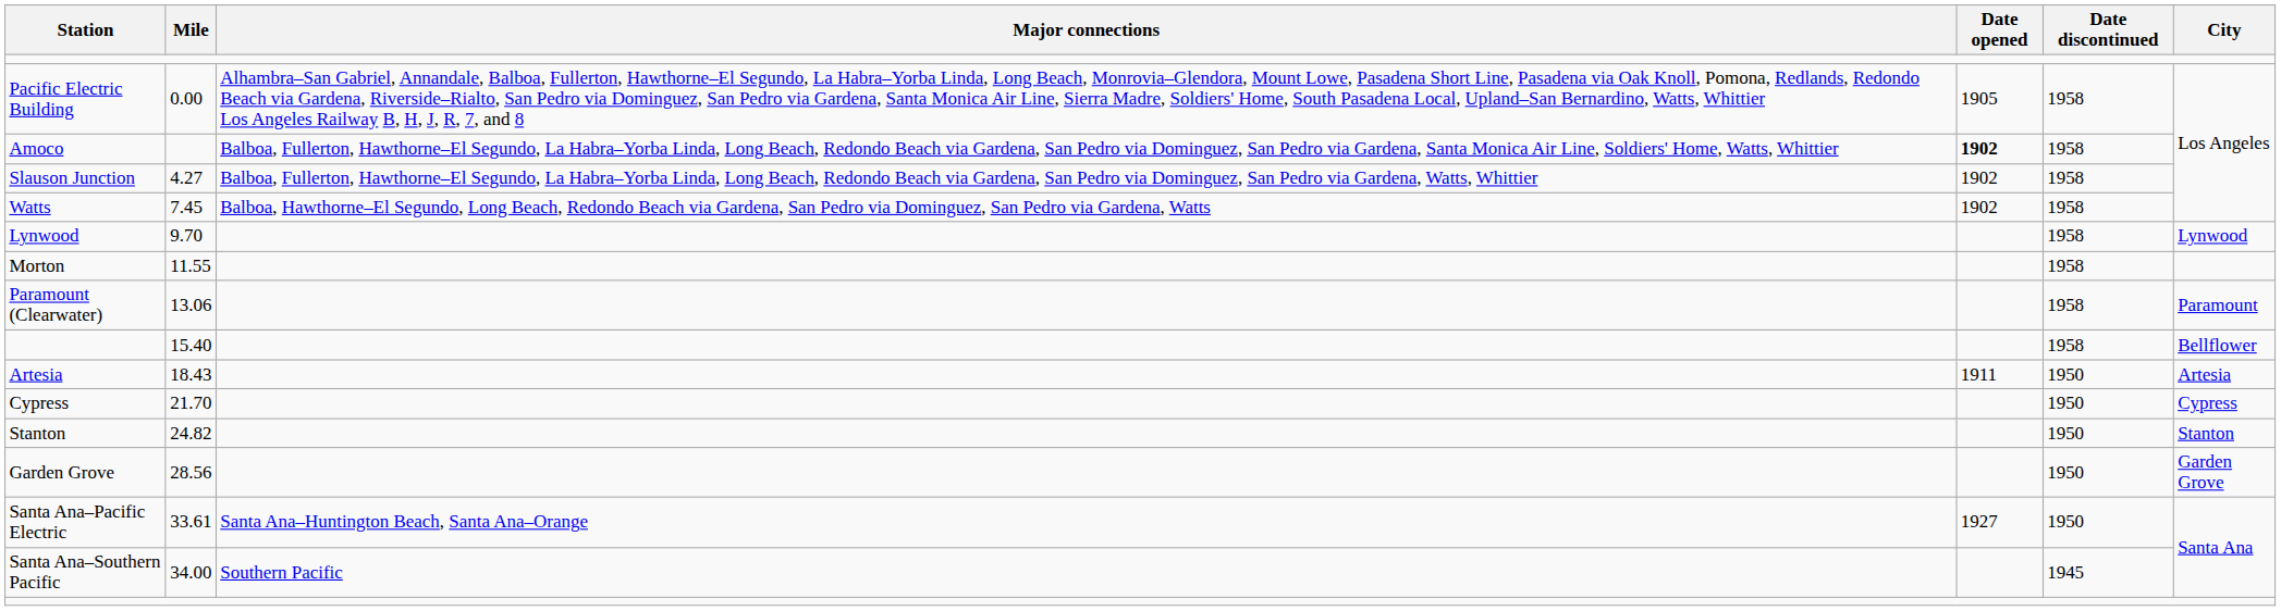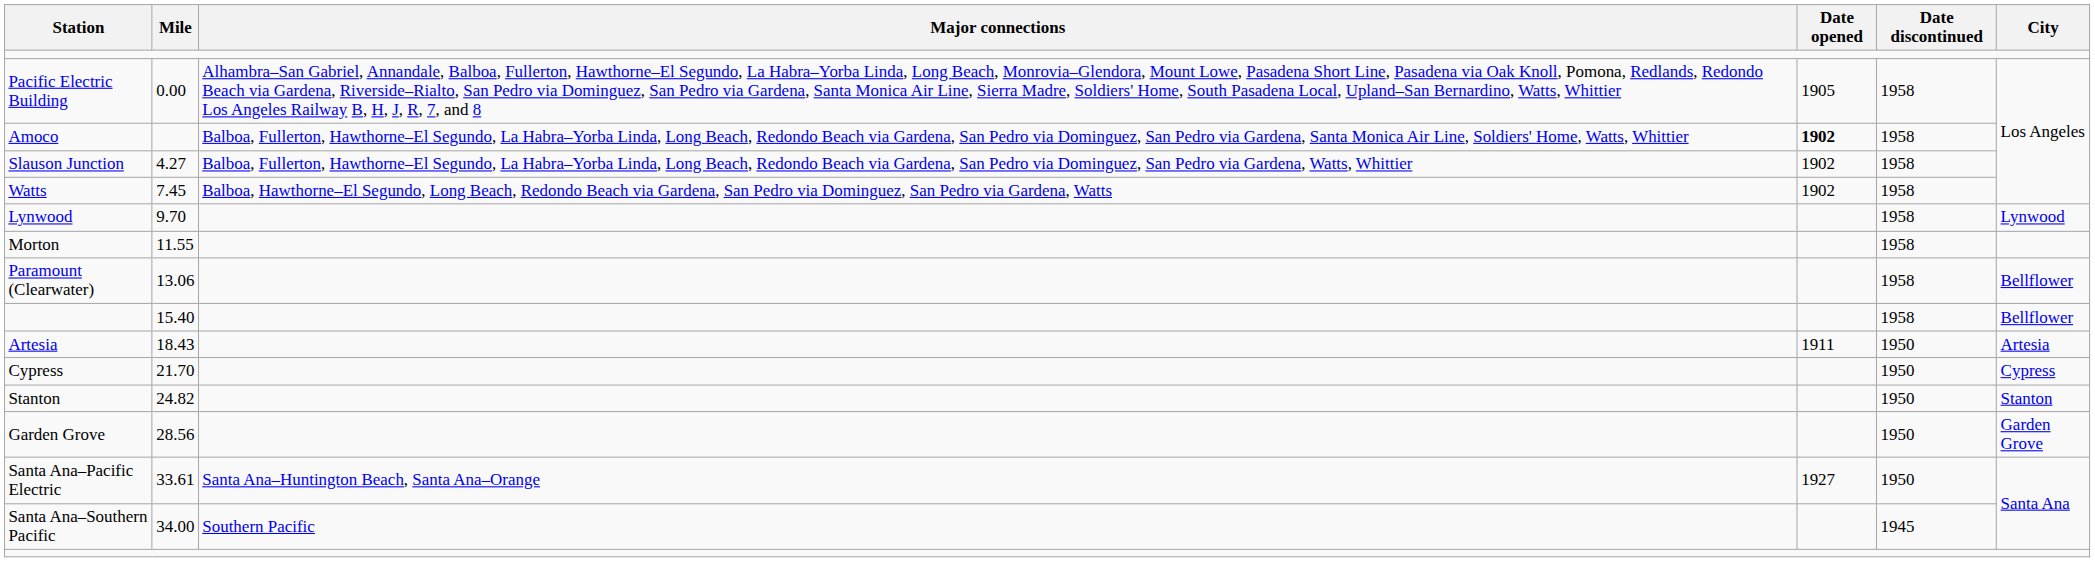 <table class="wikitable">
 <tr>
 <th>Station</th>
 <th>Mile<br></th>
 <th>Major connections</th>
 <th>Date opened</th>
 <th>Date discontinued</th>
 <th>City</th>
 </tr>
 <tr>
 <td colspan = "6"></td>
 </tr>
 <tr>
 <td><a href='#'>Pacific Electric Building</a></td>
 <td>0.00</td>
 <td><a href='#'>Alhambra–San Gabriel</a>, <a href='#'>Annandale</a>, <a href='#'>Balboa</a>, <a href='#'>Fullerton</a>, <a href='#'>Hawthorne–El Segundo</a>, <a href='#'>La Habra–Yorba Linda</a>, <a href='#'>Long Beach</a>, <a href='#'>Monrovia–Glendora</a>, <a href='#'>Mount Lowe</a>, <a href='#'>Pasadena Short Line</a>, <a href='#'>Pasadena via Oak Knoll</a>, Pomona, <a href='#'>Redlands</a>, <a href='#'>Redondo Beach via Gardena</a>, <a href='#'>Riverside–Rialto</a>, <a href='#'>San Pedro via Dominguez</a>, <a href='#'>San Pedro via Gardena</a>, <a href='#'>Santa Monica Air Line</a>, <a href='#'>Sierra Madre</a>, <a href='#'>Soldiers' Home</a>, <a href='#'>South Pasadena Local</a>, <a href='#'>Upland–San Bernardino</a>, <a href='#'>Watts</a>, <a href='#'>Whittier</a><br><a href='#'>Los Angeles Railway</a> <a href='#'>B</a>, <a href='#'>H</a>, <a href='#'>J</a>, <a href='#'>R</a>, <a href='#'>7</a>, and <a href='#'>8</a></td>
 <td>1905</td>
 <td>1958</td>
 <td rowspan=4>Los Angeles</td>
 </tr>
 <tr>
 <td><a href='#'>Amoco</a></td>
 <td></td>
 <td><a href='#'>Balboa</a>, <a href='#'>Fullerton</a>, <a href='#'>Hawthorne–El Segundo</a>, <a href='#'>La Habra–Yorba Linda</a>, <a href='#'>Long Beach</a>, <a href='#'>Redondo Beach via Gardena</a>, <a href='#'>San Pedro via Dominguez</a>, <a href='#'>San Pedro via Gardena</a>, <a href='#'>Santa Monica Air Line</a>, <a href='#'>Soldiers' Home</a>, <a href='#'>Watts</a>, <a href='#'>Whittier</a></td>
 <td><strong>1902</strong></td>
 <td>1958</td>
 </tr>
 <tr>
 <td><a href='#'>Slauson Junction</a></td>
 <td>4.27</td>
 <td><a href='#'>Balboa</a>, <a href='#'>Fullerton</a>, <a href='#'>Hawthorne–El Segundo</a>, <a href='#'>La Habra–Yorba Linda</a>, <a href='#'>Long Beach</a>, <a href='#'>Redondo Beach via Gardena</a>, <a href='#'>San Pedro via Dominguez</a>, <a href='#'>San Pedro via Gardena</a>, <a href='#'>Watts</a>, <a href='#'>Whittier</a></td>
 <td>1902</td>
 <td>1958</td>
 </tr>
 <tr>
 <td><a href='#'>Watts</a></td>
 <td>7.45</td>
 <td><a href='#'>Balboa</a>, <a href='#'>Hawthorne–El Segundo</a>, <a href='#'>Long Beach</a>, <a href='#'>Redondo Beach via Gardena</a>, <a href='#'>San Pedro via Dominguez</a>, <a href='#'>San Pedro via Gardena</a>, <a href='#'>Watts</a></td>
 <td>1902</td>
 <td>1958</td>
 </tr>
 <tr>
 <td><a href='#'>Lynwood</a></td>
 <td>9.70</td>
 <td></td>
 <td></td>
 <td>1958</td>
 <td><a href='#'>Lynwood</a></td>
 </tr>
 <tr>
 <td>Morton</td>
 <td>11.55</td>
 <td></td>
 <td></td>
 <td>1958</td>
 <td></td>
 </tr>
 <tr>
 <td><a href='#'>Paramount</a> (Clearwater)</td>
 <td>13.06</td>
 <td></td>
 <td></td>
 <td>1958</td>
-<td><a href='#'>Paramount</a></td>
+<td><a href='#'>Bellflower</a></td>
 </tr>
 <tr>
 <td></td>
 <td>15.40</td>
 <td></td>
 <td></td>
 <td>1958</td>
 <td><a href='#'>Bellflower</a></td>
 </tr>
 <tr>
 <td><a href='#'>Artesia</a></td>
 <td>18.43</td>
 <td></td>
 <td>1911</td>
 <td>1950</td>
 <td rowspan=1><a href='#'>Artesia</a></td>
 </tr>
 <tr>
 <td>Cypress</td>
 <td>21.70</td>
 <td></td>
 <td></td>
 <td>1950</td>
 <td><a href='#'>Cypress</a></td>
 </tr>
 <tr>
 <td>Stanton</td>
 <td>24.82</td>
 <td></td>
 <td></td>
 <td>1950</td>
 <td><a href='#'>Stanton</a></td>
 </tr>
 <tr>
 <td>Garden Grove</td>
 <td>28.56</td>
 <td></td>
 <td></td>
 <td>1950</td>
 <td><a href='#'>Garden Grove</a></td>
 </tr>
 <tr>
 <td>Santa Ana–Pacific Electric</td>
 <td>33.61</td>
 <td><a href='#'>Santa Ana–Huntington Beach</a>, <a href='#'>Santa Ana–Orange</a></td>
 <td>1927</td>
 <td>1950</td>
 <td rowspan=2><a href='#'>Santa Ana</a></td>
 </tr>
 <tr>
 <td>Santa Ana–Southern Pacific</td>
 <td>34.00</td>
 <td><a href='#'>Southern Pacific</a></td>
 <td></td>
 <td>1945</td>
 </tr>
 <tr>
 <td colspan = "6"></td>
 </tr>
 </table>
